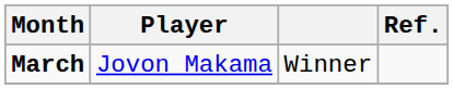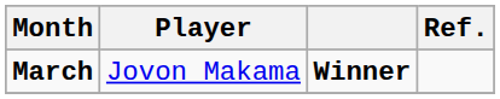 <table class="wikitable" style="text-align:left">
 <tr>
 <th>Month</th>
 <th>Player</th>
 <th></th>
 <th>Ref.</th>
 </tr>
 <tr>
 <td align=center><strong>March</strong></td>
 <td> <a href='#'>Jovon Makama</a></td>
-<td>Winner</td>
+<td><strong>Winner</strong></td>
 <td align=center></td>
 </tr>
 <tr>
 </tr>
 </table>
